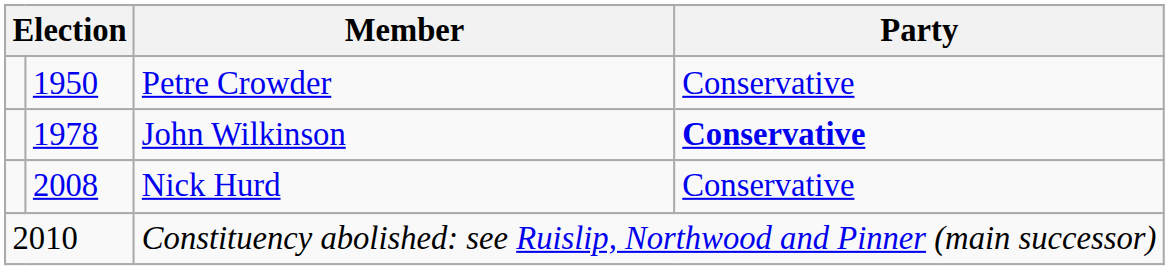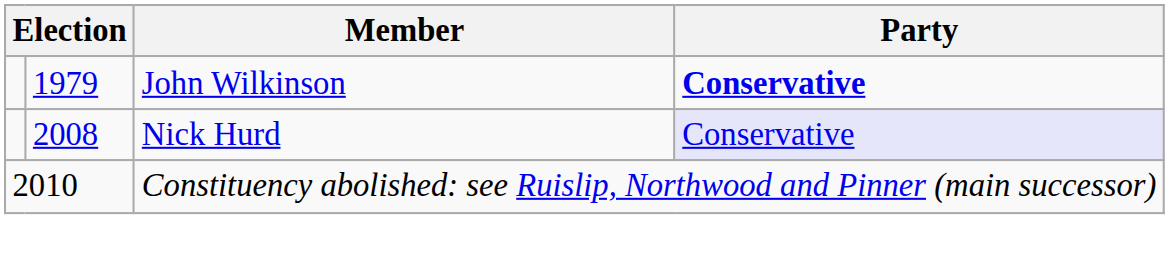 <table class="wikitable">
 <tr>
 <th colspan="2">Election</th>
 <th>Member</th>
 <th>Party</th>
 </tr>
 <tr>
 <td style="color:inherit;background-color: "></td>
-<td><a href='#'>1950</a></td>
-<td><a href='#'>Petre Crowder</a></td>
-<td><a href='#'>Conservative</a></td>
-</tr>
-<tr>
-<td style="color:inherit;background-color: "></td>
-<td><a href='#'>1978</a></td>
+<td><a href='#'>1979</a></td>
 <td><a href='#'>John Wilkinson</a></td>
 <td><strong><a href='#'>Conservative</a></strong></td>
 </tr>
 <tr>
 <td style="color:inherit;background-color: "></td>
 <td><a href='#'>2008</a></td>
 <td><a href='#'>Nick Hurd</a></td>
-<td><a href='#'>Conservative</a></td>
+<td style="background: lavender;"><a href='#'>Conservative</a></td>
 </tr>
 <tr>
 <td colspan="2">2010</td>
 <td colspan="2"><em>Constituency abolished: see <a href='#'>Ruislip, Northwood and Pinner</a> (main successor)</em></td>
 </tr>
 </table>
